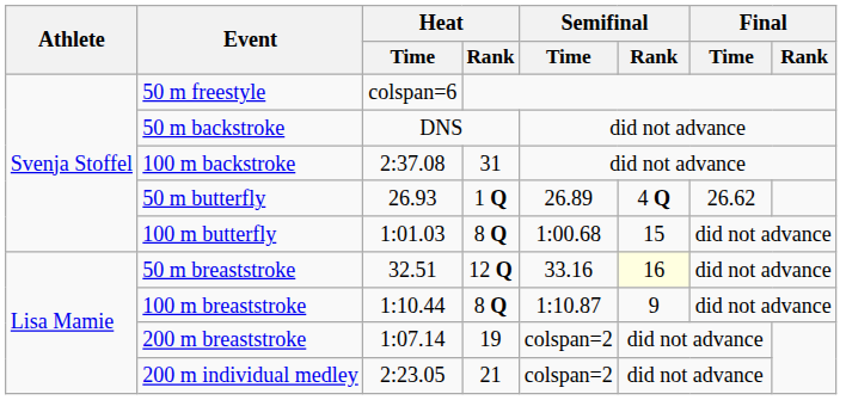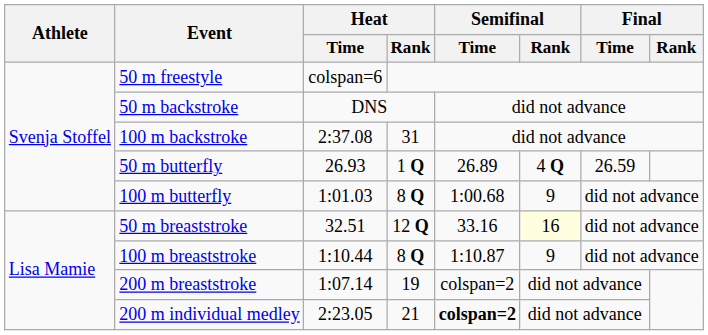 <table class=wikitable style="font-size:90%">
 <tr>
 <th rowspan=2>Athlete</th>
 <th rowspan=2>Event</th>
 <th colspan="2">Heat</th>
 <th colspan="2">Semifinal</th>
 <th colspan="2">Final</th>
 </tr>
 <tr style="font-size:95%">
 <th>Time</th>
 <th>Rank</th>
 <th>Time</th>
 <th>Rank</th>
 <th>Time</th>
 <th>Rank</th>
 </tr>
 <tr align=center>
 <td align=left rowspan=5><a href='#'>Svenja Stoffel</a></td>
 <td align=left><a href='#'>50 m freestyle</a></td>
 <td>colspan=6 </td>
 </tr>
 <tr align=center>
 <td align=left><a href='#'>50 m backstroke</a></td>
 <td colspan=2>DNS</td>
 <td colspan=4>did not advance</td>
 </tr>
 <tr align=center>
 <td align=left><a href='#'>100 m backstroke</a></td>
 <td>2:37.08</td>
 <td>31</td>
 <td colspan=4>did not advance</td>
 </tr>
 <tr align=center>
 <td align=left><a href='#'>50 m butterfly</a></td>
 <td>26.93</td>
 <td>1 <strong>Q</strong></td>
 <td>26.89</td>
 <td>4 <strong>Q</strong></td>
-<td>26.62</td>
+<td>26.59</td>
 <td></td>
 </tr>
 <tr align=center>
 <td align=left><a href='#'>100 m butterfly</a></td>
 <td>1:01.03</td>
 <td>8 <strong>Q</strong></td>
 <td>1:00.68</td>
-<td>15</td>
+<td>9</td>
 <td colspan=2>did not advance</td>
 </tr>
 <tr align=center>
 <td align=left rowspan=4><a href='#'>Lisa Mamie</a></td>
 <td align=left><a href='#'>50 m breaststroke</a></td>
 <td>32.51</td>
 <td>12 <strong>Q</strong></td>
 <td>33.16</td>
 <td style="background: lightyellow;">16</td>
 <td colspan=2>did not advance</td>
 </tr>
 <tr align=center>
 <td align=left><a href='#'>100 m breaststroke</a></td>
 <td>1:10.44</td>
 <td>8 <strong>Q</strong></td>
 <td>1:10.87</td>
 <td>9</td>
 <td colspan=2>did not advance</td>
 </tr>
 <tr align=center>
 <td align=left><a href='#'>200 m breaststroke</a></td>
 <td>1:07.14</td>
 <td>19</td>
 <td>colspan=2 </td>
 <td colspan=2>did not advance</td>
 </tr>
 <tr align=center>
 <td align=left><a href='#'>200 m individual medley</a></td>
 <td>2:23.05</td>
 <td>21</td>
-<td>colspan=2 </td>
+<td><strong>colspan=2 </strong></td>
 <td colspan=2>did not advance</td>
 </tr>
 </table>
